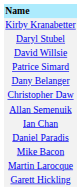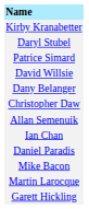 <table border=0 cellpadding=2 cellspacing=0  |- bgcolor=#F2F2F2 style="text-align:center; font-size:90%;">
 <tr bgcolor=#ADEBFD>
 <th align=left>Name</th>
 </tr>
 <tr>
 <td><a href='#'>Kirby Kranabetter</a></td>
 </tr>
 <tr>
 <td><a href='#'>Daryl Stubel</a></td>
 </tr>
 <tr>
-<td><a href='#'>David Willsie</a></td>
+<td><a href='#'>Patrice Simard</a></td>
 </tr>
 <tr>
-<td><a href='#'>Patrice Simard</a></td>
+<td><a href='#'>David Willsie</a></td>
 </tr>
 <tr>
 <td><a href='#'>Dany Belanger</a></td>
 </tr>
 <tr>
 <td><a href='#'>Christopher Daw</a></td>
 </tr>
 <tr>
 <td><a href='#'>Allan Semenuik</a></td>
 </tr>
 <tr>
 <td><a href='#'>Ian Chan</a></td>
 </tr>
 <tr>
 <td><a href='#'>Daniel Paradis</a></td>
 </tr>
 <tr>
 <td><a href='#'>Mike Bacon</a></td>
 </tr>
 <tr>
 <td><a href='#'>Martin Larocque</a></td>
 </tr>
 <tr>
 <td><a href='#'>Garett Hickling</a></td>
 </tr>
 </table>
